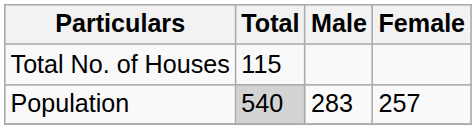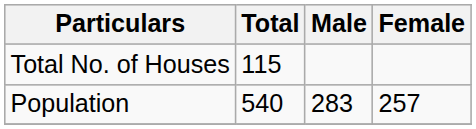 <table class="wikitable sortable">
 <tr>
 <th>Particulars</th>
 <th>Total</th>
 <th>Male</th>
 <th>Female</th>
 </tr>
 <tr>
 <td>Total No. of Houses</td>
 <td>115</td>
 <td></td>
 <td></td>
 </tr>
 <tr>
 <td>Population</td>
-<td style="background: lightgrey;">540</td>
+<td>540</td>
 <td>283</td>
 <td>257</td>
 </tr>
 <tr>
 </tr>
 </table>
